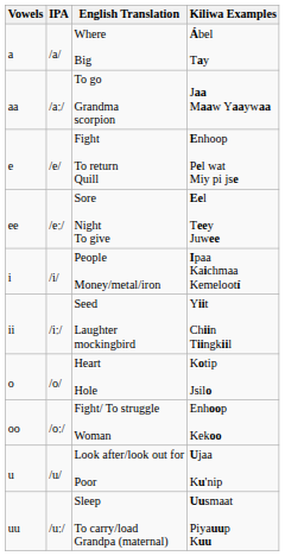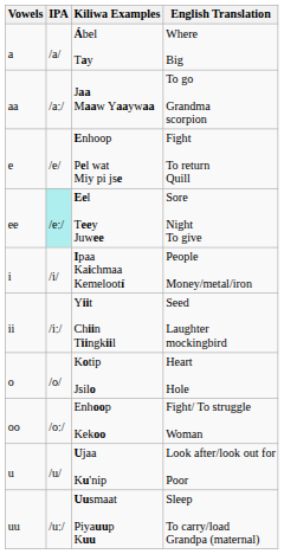 <table class="wikitable">
 <tr>
 <th><strong>Vowels</strong></th>
 <th>IPA</th>
+<th><strong>Kiliwa Examples</strong></th>
 <th><strong>English Translation</strong></th>
-<th><strong>Kiliwa Examples</strong></th>
 </tr>
 <tr>
 <td><br>a</td>
 <td><br>/a/</td>
+<td><strong>Á</strong>bel<br><br>T<strong>a</strong>y</td>
 <td>Where<br><br>Big</td>
-<td><strong>Á</strong>bel<br><br>T<strong>a</strong>y</td>
 </tr>
 <tr>
 <td><br>aa</td>
 <td><br>/aː/</td>
+<td>J<strong>aa</strong><br>M<strong>aa</strong>w Y<strong>aa</strong>yw<strong>aa</strong></td>
 <td>To go<br><br>Grandma<br> scorpion</td>
-<td>J<strong>aa</strong><br>M<strong>aa</strong>w Y<strong>aa</strong>yw<strong>aa</strong></td>
 </tr>
 <tr>
 <td><br>e</td>
 <td><br>/e/</td>
+<td><strong>E</strong>nhoop<br><br>P<strong>e</strong>l wat<br> Miy pi js<strong>e</strong></td>
 <td>Fight<br><br>To return<br> Quill</td>
-<td><strong>E</strong>nhoop<br><br>P<strong>e</strong>l wat<br> Miy pi js<strong>e</strong></td>
 </tr>
 <tr>
 <td><br>ee</td>
-<td><br>/eː/</td>
+<td style="background: paleturquoise;"><br>/eː/</td>
+<td><strong>Ee</strong>l<br><br>T<strong>ee</strong>y<br> Juw<strong>ee</strong></td>
 <td>Sore<br><br>Night<br> To give</td>
-<td><strong>Ee</strong>l<br><br>T<strong>ee</strong>y<br> Juw<strong>ee</strong></td>
 </tr>
 <tr>
 <td><br>i</td>
 <td><br>/i/</td>
+<td><strong>I</strong>paa<br>Ka<strong>i</strong>chmaa<br>Kemeloot<strong>í</strong></td>
 <td>People<br><br>Money/metal/iron</td>
-<td><strong>I</strong>paa<br>Ka<strong>i</strong>chmaa<br>Kemeloot<strong>í</strong></td>
 </tr>
 <tr>
 <td><br>ii</td>
 <td><br>/iː/</td>
+<td>Y<strong>ii</strong>t<br><br>Ch<strong>ii</strong>n<br> T<strong>ii</strong>ngk<strong>ii</strong>l</td>
 <td>Seed<br><br>Laughter<br> mockingbird</td>
-<td>Y<strong>ii</strong>t<br><br>Ch<strong>ii</strong>n<br> T<strong>ii</strong>ngk<strong>ii</strong>l</td>
 </tr>
 <tr>
 <td><br>o</td>
 <td><br>/o/</td>
+<td>K<strong>o</strong>tip<br><br>Jsil<strong>o</strong></td>
 <td>Heart<br><br>Hole</td>
-<td>K<strong>o</strong>tip<br><br>Jsil<strong>o</strong></td>
 </tr>
 <tr>
 <td><br>oo</td>
 <td><br>/oː/</td>
+<td>Enh<strong>oo</strong>p<br><br>Kek<strong>oo</strong></td>
 <td>Fight/ To struggle<br><br>Woman</td>
-<td>Enh<strong>oo</strong>p<br><br>Kek<strong>oo</strong></td>
 </tr>
 <tr>
 <td><br>u</td>
 <td><br>/u/</td>
+<td><strong>U</strong>jaa<br><br>K<strong>u</strong>'nip</td>
 <td>Look after/look out for<br><br>Poor</td>
-<td><strong>U</strong>jaa<br><br>K<strong>u</strong>'nip</td>
 </tr>
 <tr>
 <td><br>uu</td>
 <td><br>/uː/</td>
+<td><strong>Uu</strong>smaat<br><br>Piya<strong>uu</strong>p<br> K<strong>uu</strong></td>
 <td>Sleep<br><br>To carry/load<br> Grandpa (maternal)</td>
-<td><strong>Uu</strong>smaat<br><br>Piya<strong>uu</strong>p<br> K<strong>uu</strong></td>
 </tr>
 </table>
